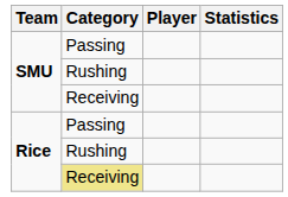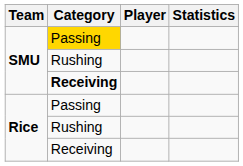 <table class="wikitable" style="float: right;">
 <tr>
 <th>Team</th>
 <th>Category</th>
 <th>Player</th>
 <th>Statistics</th>
 </tr>
 <tr>
 <td rowspan=3><strong>SMU</strong></td>
-<td>Passing</td>
+<td style="background: gold;">Passing</td>
 <td></td>
 <td></td>
 </tr>
 <tr>
 <td>Rushing</td>
 <td></td>
 <td></td>
 </tr>
 <tr>
-<td>Receiving</td>
+<td><strong>Receiving</strong></td>
 <td></td>
 <td></td>
 </tr>
 <tr>
 <td rowspan=3><strong>Rice</strong></td>
 <td>Passing</td>
 <td></td>
 <td></td>
 </tr>
 <tr>
 <td>Rushing</td>
 <td></td>
 <td></td>
 </tr>
 <tr>
-<td style="background: khaki;">Receiving</td>
+<td>Receiving</td>
 <td></td>
 <td></td>
 </tr>
 </table>
